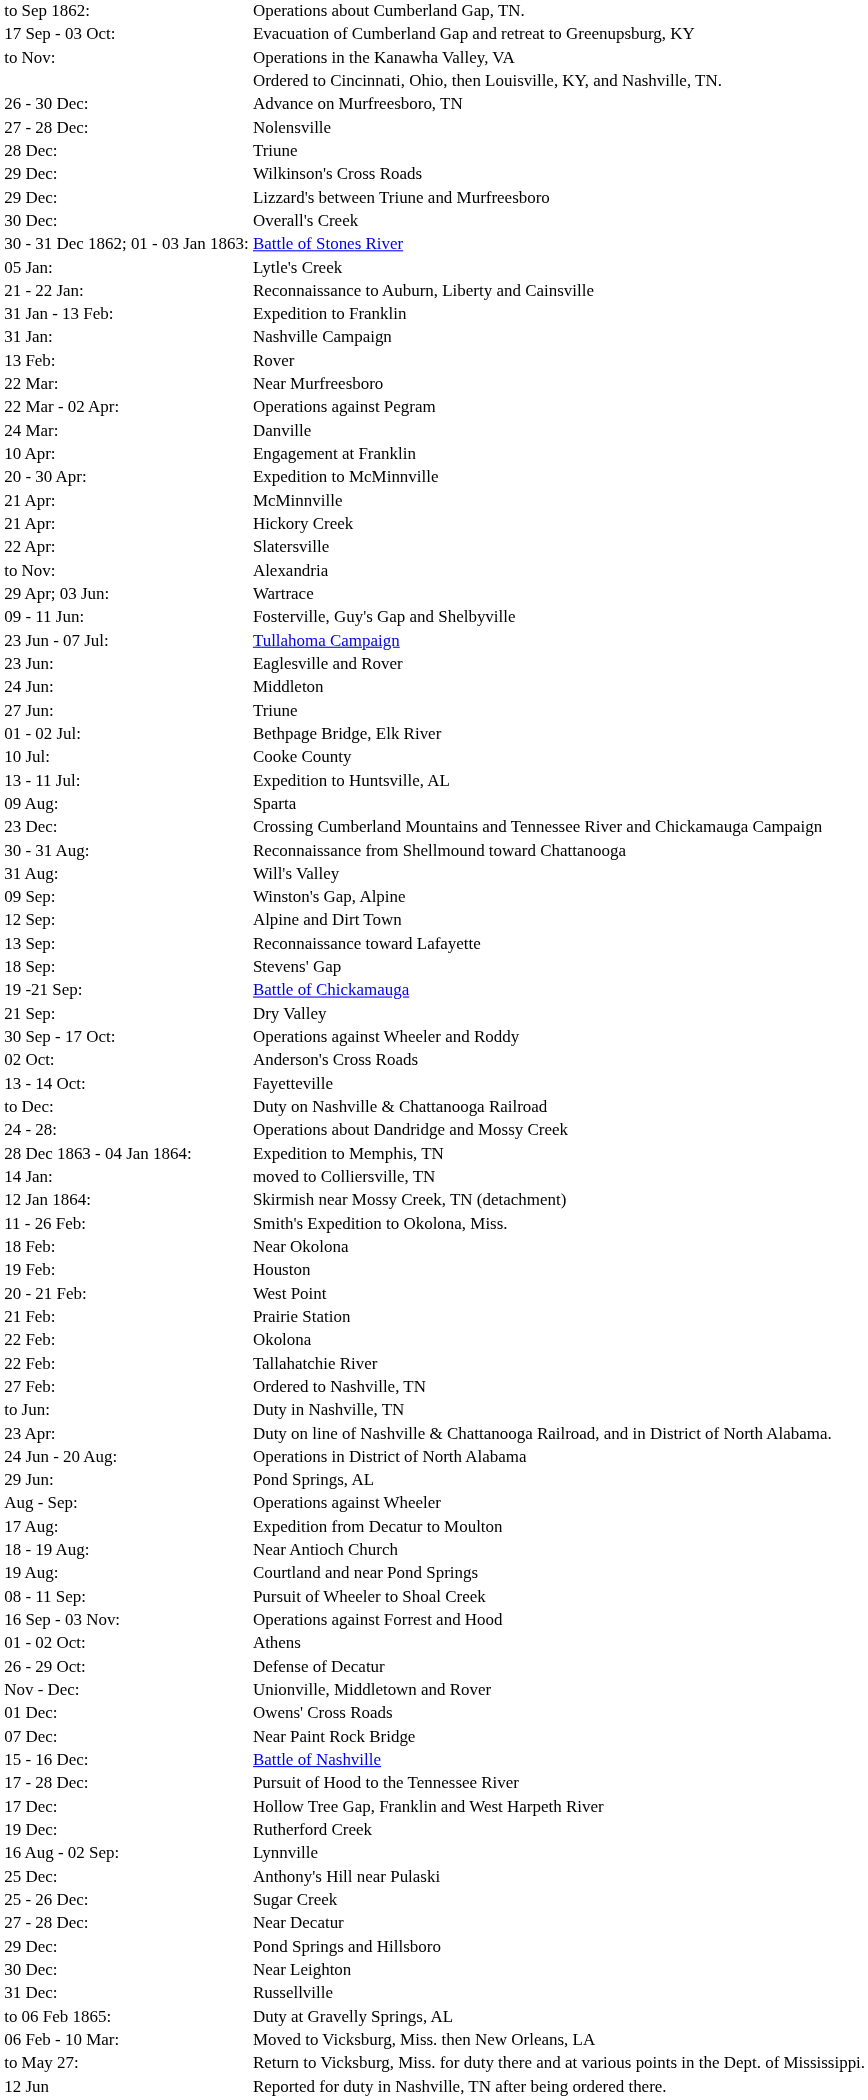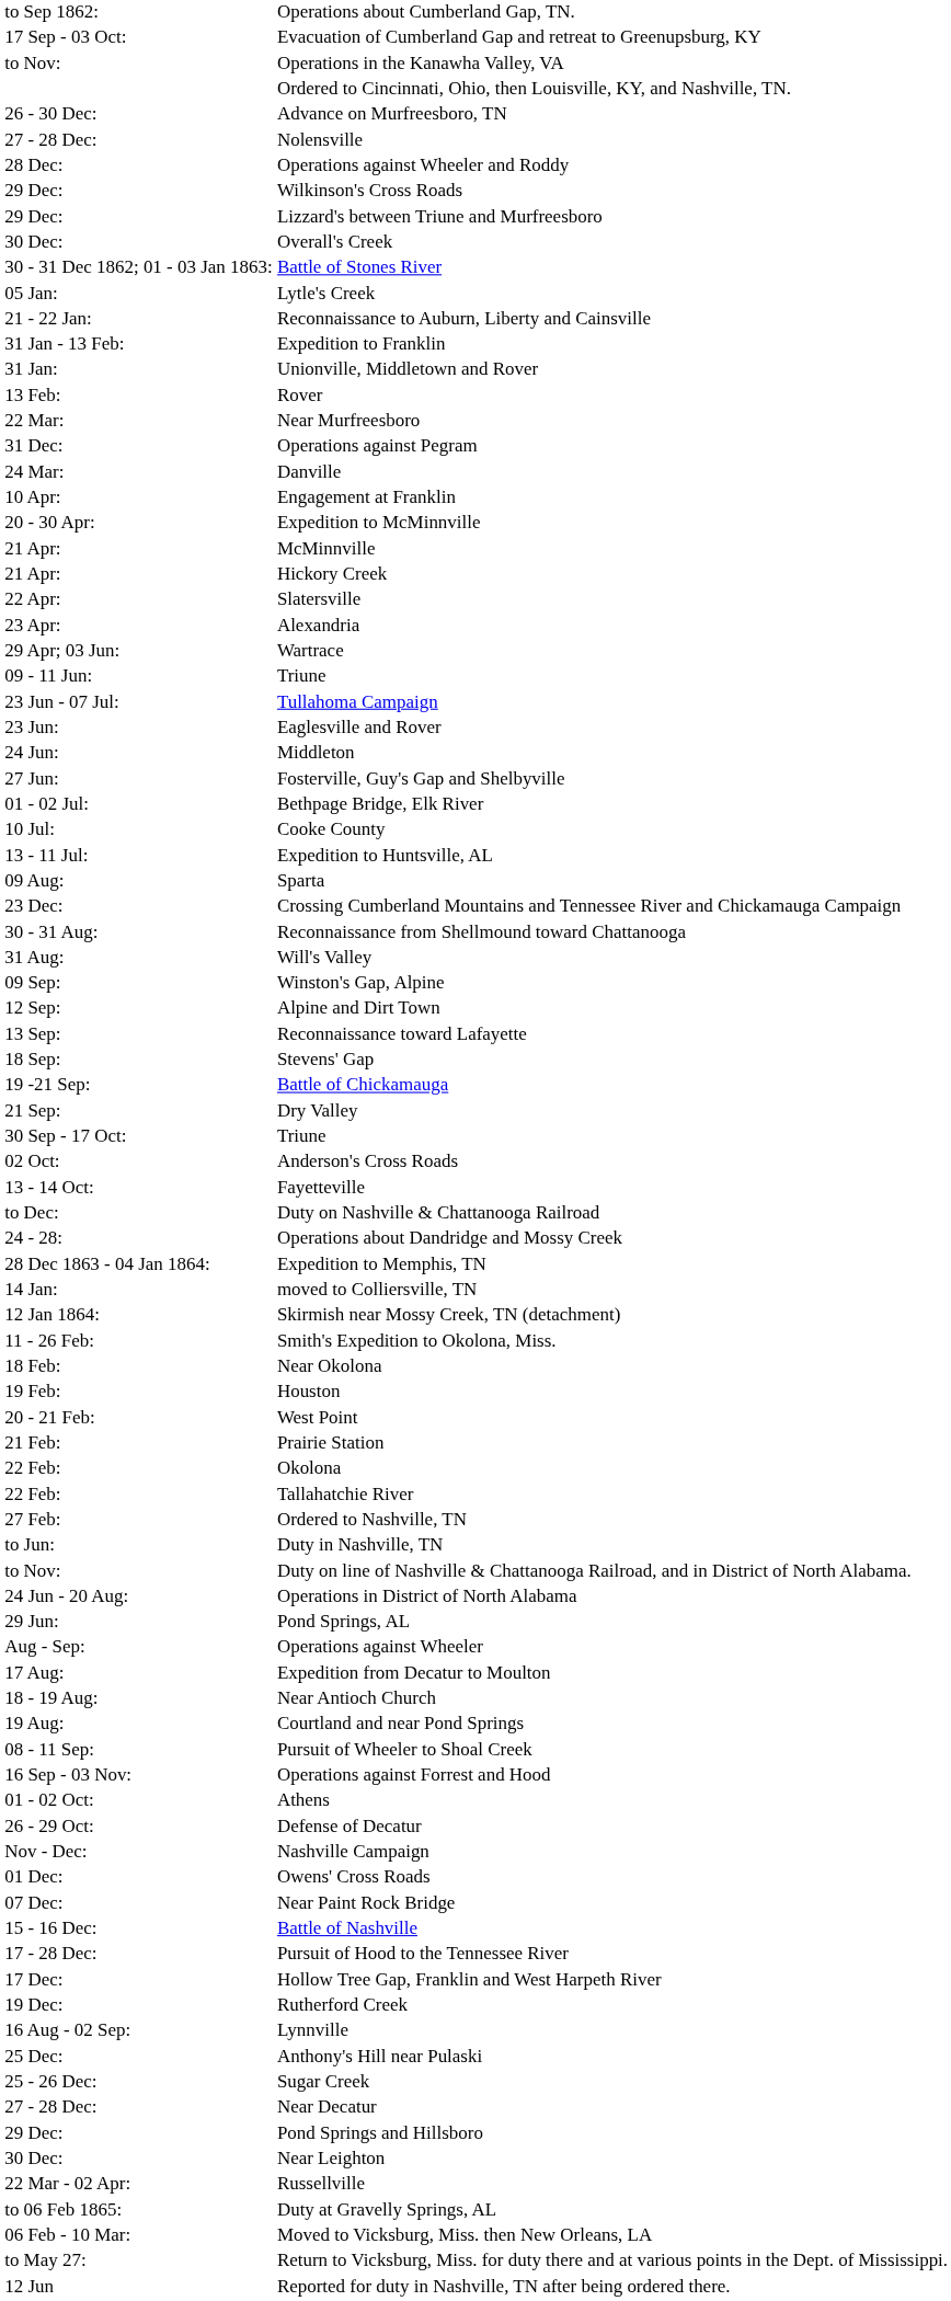 <table>
 <tr>
 <td>to Sep 1862:</td>
 <td>Operations about Cumberland Gap, TN.</td>
 </tr>
 <tr>
 <td>17 Sep - 03 Oct:</td>
 <td>Evacuation of Cumberland Gap and retreat to Greenupsburg, KY</td>
 </tr>
 <tr>
 <td>to Nov:</td>
 <td>Operations in the Kanawha Valley, VA</td>
 </tr>
 <tr>
 <td></td>
 <td>Ordered to Cincinnati, Ohio, then Louisville, KY, and Nashville, TN.</td>
 </tr>
 <tr>
 <td>26 - 30 Dec:</td>
 <td>Advance on Murfreesboro, TN</td>
 </tr>
 <tr>
 <td>27 - 28 Dec:</td>
 <td>Nolensville</td>
 </tr>
 <tr>
 <td>28 Dec:</td>
-<td>Triune</td>
+<td>Operations against Wheeler and Roddy</td>
 </tr>
 <tr>
 <td>29 Dec:</td>
 <td>Wilkinson's Cross Roads</td>
 </tr>
 <tr>
 <td>29 Dec:</td>
 <td>Lizzard's between Triune and Murfreesboro</td>
 </tr>
 <tr>
 <td>30 Dec:</td>
 <td>Overall's Creek</td>
 </tr>
 <tr>
 <td>30 - 31 Dec 1862; 01 - 03 Jan 1863:</td>
 <td><a href='#'>Battle of Stones River</a></td>
 </tr>
 <tr>
 <td>05 Jan:</td>
 <td>Lytle's Creek</td>
 </tr>
 <tr>
 <td>21 - 22 Jan:</td>
 <td>Reconnaissance to Auburn, Liberty and Cainsville</td>
 </tr>
 <tr>
 <td>31 Jan - 13 Feb:</td>
 <td>Expedition to Franklin</td>
 </tr>
 <tr>
 <td>31 Jan:</td>
-<td>Nashville Campaign</td>
+<td>Unionville, Middletown and Rover</td>
 </tr>
 <tr>
 <td>13 Feb:</td>
 <td>Rover</td>
 </tr>
 <tr>
 <td>22 Mar:</td>
 <td>Near Murfreesboro</td>
 </tr>
 <tr>
-<td>22 Mar - 02 Apr:</td>
+<td>31 Dec:</td>
 <td>Operations against Pegram</td>
 </tr>
 <tr>
 <td>24 Mar:</td>
 <td>Danville</td>
 </tr>
 <tr>
 <td>10 Apr:</td>
 <td>Engagement at Franklin</td>
 </tr>
 <tr>
 <td>20 - 30 Apr:</td>
 <td>Expedition to McMinnville</td>
 </tr>
 <tr>
 <td>21 Apr:</td>
 <td>McMinnville</td>
 </tr>
 <tr>
 <td>21 Apr:</td>
 <td>Hickory Creek</td>
 </tr>
 <tr>
 <td>22 Apr:</td>
 <td>Slatersville</td>
 </tr>
 <tr>
-<td>to Nov:</td>
+<td>23 Apr:</td>
 <td>Alexandria</td>
 </tr>
 <tr>
 <td>29 Apr; 03 Jun:</td>
 <td>Wartrace</td>
 </tr>
 <tr>
 <td>09 - 11 Jun:</td>
-<td>Fosterville, Guy's Gap and Shelbyville</td>
+<td>Triune</td>
 </tr>
 <tr>
 <td>23 Jun - 07 Jul:</td>
 <td><a href='#'>Tullahoma Campaign</a></td>
 </tr>
 <tr>
 <td>23 Jun:</td>
 <td>Eaglesville and Rover</td>
 </tr>
 <tr>
 <td>24 Jun:</td>
 <td>Middleton</td>
 </tr>
 <tr>
 <td>27 Jun:</td>
-<td>Triune</td>
+<td>Fosterville, Guy's Gap and Shelbyville</td>
 </tr>
 <tr>
 <td>01 - 02 Jul:</td>
 <td>Bethpage Bridge, Elk River</td>
 </tr>
 <tr>
 <td>10 Jul:</td>
 <td>Cooke County</td>
 </tr>
 <tr>
 <td>13 - 11 Jul:</td>
 <td>Expedition to Huntsville, AL</td>
 </tr>
 <tr>
 <td>09 Aug:</td>
 <td>Sparta</td>
 </tr>
 <tr>
 <td>23 Dec:</td>
 <td>Crossing Cumberland Mountains and Tennessee River and Chickamauga Campaign</td>
 </tr>
 <tr>
 <td>30 - 31 Aug:</td>
 <td>Reconnaissance from Shellmound toward Chattanooga</td>
 </tr>
 <tr>
 <td>31 Aug:</td>
 <td>Will's Valley</td>
 </tr>
 <tr>
 <td>09 Sep:</td>
 <td>Winston's Gap, Alpine</td>
 </tr>
 <tr>
 <td>12 Sep:</td>
 <td>Alpine and Dirt Town</td>
 </tr>
 <tr>
 <td>13 Sep:</td>
 <td>Reconnaissance toward Lafayette</td>
 </tr>
 <tr>
 <td>18 Sep:</td>
 <td>Stevens' Gap</td>
 </tr>
 <tr>
 <td>19 -21 Sep:</td>
 <td><a href='#'>Battle of Chickamauga</a></td>
 </tr>
 <tr>
 <td>21 Sep:</td>
 <td>Dry Valley</td>
 </tr>
 <tr>
 <td>30 Sep - 17 Oct:</td>
-<td>Operations against Wheeler and Roddy</td>
+<td>Triune</td>
 </tr>
 <tr>
 <td>02 Oct:</td>
 <td>Anderson's Cross Roads</td>
 </tr>
 <tr>
 <td>13 - 14 Oct:</td>
 <td>Fayetteville</td>
 </tr>
 <tr>
 <td>to Dec:</td>
 <td>Duty on Nashville & Chattanooga Railroad</td>
 </tr>
 <tr>
 <td>24 - 28:</td>
 <td>Operations about Dandridge and Mossy Creek</td>
 </tr>
 <tr>
 <td>28 Dec 1863 - 04 Jan 1864:</td>
 <td>Expedition to Memphis, TN</td>
 </tr>
 <tr>
 <td>14 Jan:</td>
 <td>moved to Colliersville, TN</td>
 </tr>
 <tr>
 <td>12 Jan 1864:</td>
 <td>Skirmish near Mossy Creek, TN (detachment)</td>
 </tr>
 <tr>
 <td>11 - 26 Feb:</td>
 <td>Smith's Expedition to Okolona, Miss.</td>
 </tr>
 <tr>
 <td>18 Feb:</td>
 <td>Near Okolona</td>
 </tr>
 <tr>
 <td>19 Feb:</td>
 <td>Houston</td>
 </tr>
 <tr>
 <td>20 - 21 Feb:</td>
 <td>West Point</td>
 </tr>
 <tr>
 <td>21 Feb:</td>
 <td>Prairie Station</td>
 </tr>
 <tr>
 <td>22 Feb:</td>
 <td>Okolona</td>
 </tr>
 <tr>
 <td>22 Feb:</td>
 <td>Tallahatchie River</td>
 </tr>
 <tr>
 <td>27 Feb:</td>
 <td>Ordered to Nashville, TN</td>
 </tr>
 <tr>
 <td>to Jun:</td>
 <td>Duty in Nashville, TN</td>
 </tr>
 <tr>
-<td>23 Apr:</td>
+<td>to Nov:</td>
 <td>Duty on line of Nashville & Chattanooga Railroad, and in District of North Alabama.</td>
 </tr>
 <tr>
 <td>24 Jun - 20 Aug:</td>
 <td>Operations in District of North Alabama</td>
 </tr>
 <tr>
 <td>29 Jun:</td>
 <td>Pond Springs, AL</td>
 </tr>
 <tr>
 <td>Aug - Sep:</td>
 <td>Operations against Wheeler</td>
 </tr>
 <tr>
 <td>17 Aug:</td>
 <td>Expedition from Decatur to Moulton</td>
 </tr>
 <tr>
 <td>18 - 19 Aug:</td>
 <td>Near Antioch Church</td>
 </tr>
 <tr>
 <td>19 Aug:</td>
 <td>Courtland and near Pond Springs</td>
 </tr>
 <tr>
 <td>08 - 11 Sep:</td>
 <td>Pursuit of Wheeler to Shoal Creek</td>
 </tr>
 <tr>
 <td>16 Sep - 03 Nov:</td>
 <td>Operations against Forrest and Hood</td>
 </tr>
 <tr>
 <td>01 - 02 Oct:</td>
 <td>Athens</td>
 </tr>
 <tr>
 <td>26 - 29 Oct:</td>
 <td>Defense of Decatur</td>
 </tr>
 <tr>
 <td>Nov - Dec:</td>
-<td>Unionville, Middletown and Rover</td>
+<td>Nashville Campaign</td>
 </tr>
 <tr>
 <td>01 Dec:</td>
 <td>Owens' Cross Roads</td>
 </tr>
 <tr>
 <td>07 Dec:</td>
 <td>Near Paint Rock Bridge</td>
 </tr>
 <tr>
 <td>15 - 16 Dec:</td>
 <td><a href='#'>Battle of Nashville</a></td>
 </tr>
 <tr>
 <td>17 - 28 Dec:</td>
 <td>Pursuit of Hood to the Tennessee River</td>
 </tr>
 <tr>
 <td>17 Dec:</td>
 <td>Hollow Tree Gap, Franklin and West Harpeth River</td>
 </tr>
 <tr>
 <td>19 Dec:</td>
 <td>Rutherford Creek</td>
 </tr>
 <tr>
 <td>16 Aug - 02 Sep:</td>
 <td>Lynnville</td>
 </tr>
 <tr>
 <td>25 Dec:</td>
 <td>Anthony's Hill near Pulaski</td>
 </tr>
 <tr>
 <td>25 - 26 Dec:</td>
 <td>Sugar Creek</td>
 </tr>
 <tr>
 <td>27 - 28 Dec:</td>
 <td>Near Decatur</td>
 </tr>
 <tr>
 <td>29 Dec:</td>
 <td>Pond Springs and Hillsboro</td>
 </tr>
 <tr>
 <td>30 Dec:</td>
 <td>Near Leighton</td>
 </tr>
 <tr>
-<td>31 Dec:</td>
+<td>22 Mar - 02 Apr:</td>
 <td>Russellville</td>
 </tr>
 <tr>
 <td>to 06 Feb 1865:</td>
 <td>Duty at Gravelly Springs, AL</td>
 </tr>
 <tr>
 <td>06 Feb - 10 Mar:</td>
 <td>Moved to Vicksburg, Miss. then New Orleans, LA</td>
 </tr>
 <tr>
 <td>to May 27:</td>
 <td>Return to Vicksburg, Miss. for duty there and at various points in the Dept. of Mississippi.</td>
 </tr>
 <tr>
 <td>12 Jun</td>
 <td>Reported for duty in Nashville, TN after being ordered there.</td>
 </tr>
 </table>
